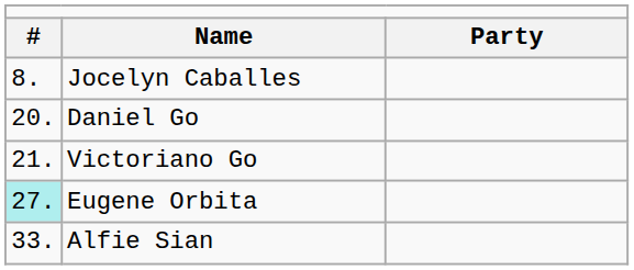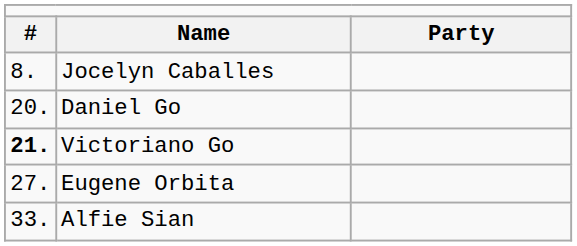 <table class=wikitable style="font-size:90%">
 <tr>
 <td colspan=4 bgcolor=></td>
 </tr>
 <tr>
 <th>#</th>
 <th width=150px>Name</th>
 <th colspan=2 width=110px>Party</th>
 </tr>
 <tr>
 <td>8.</td>
 <td>Jocelyn Caballes</td>
 <td></td>
 </tr>
 <tr>
 <td>20.</td>
 <td>Daniel Go</td>
 <td></td>
 </tr>
 <tr>
-<td>21.</td>
+<td><strong>21.</strong></td>
 <td>Victoriano Go</td>
 <td></td>
 </tr>
 <tr>
-<td style="background: paleturquoise;">27.</td>
+<td>27.</td>
 <td>Eugene Orbita</td>
 <td></td>
 </tr>
 <tr>
 <td>33.</td>
 <td>Alfie Sian</td>
 <td></td>
 </tr>
 </table>
